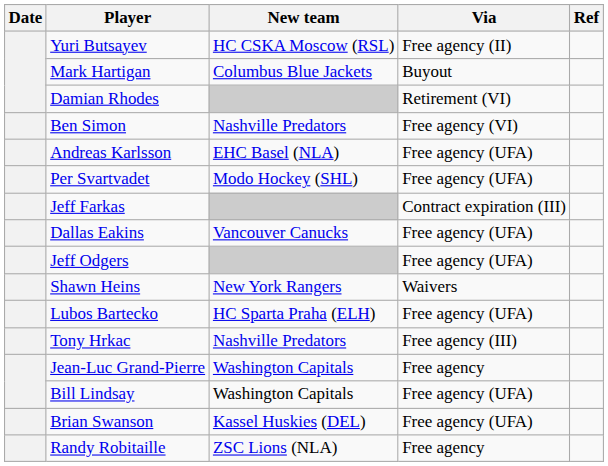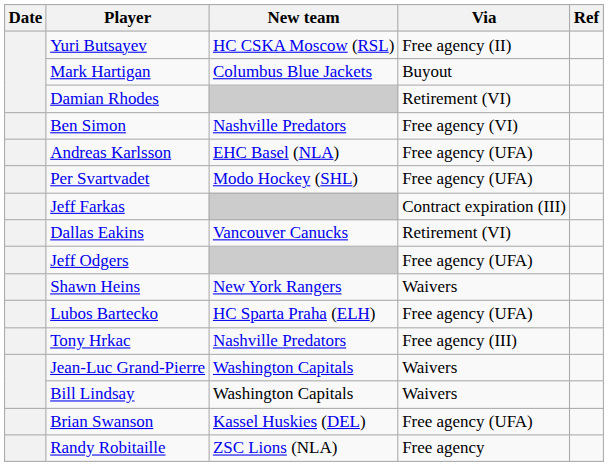 <table class="wikitable plainrowheaders">
 <tr style="background:#ddd; text-align:center;">
 <th>Date</th>
 <th>Player</th>
 <th>New team</th>
 <th>Via</th>
 <th>Ref</th>
 </tr>
 <tr>
 <th scope="row" rowspan=3></th>
 <td><a href='#'>Yuri Butsayev</a></td>
 <td><a href='#'>HC CSKA Moscow</a> (<a href='#'>RSL</a>)</td>
 <td>Free agency (II)</td>
 <td></td>
 </tr>
 <tr>
 <td><a href='#'>Mark Hartigan</a></td>
 <td><a href='#'>Columbus Blue Jackets</a></td>
 <td>Buyout</td>
 <td></td>
 </tr>
 <tr>
 <td><a href='#'>Damian Rhodes</a></td>
 <td style="background:#ccc"></td>
 <td>Retirement (VI)</td>
 <td></td>
 </tr>
 <tr>
 <th scope="row"></th>
 <td><a href='#'>Ben Simon</a></td>
 <td><a href='#'>Nashville Predators</a></td>
 <td>Free agency (VI)</td>
 <td></td>
 </tr>
 <tr>
 <th scope="row"></th>
 <td><a href='#'>Andreas Karlsson</a></td>
 <td><a href='#'>EHC Basel</a> (<a href='#'>NLA</a>)</td>
 <td>Free agency (UFA)</td>
 <td></td>
 </tr>
 <tr>
 <th scope="row"></th>
 <td><a href='#'>Per Svartvadet</a></td>
 <td><a href='#'>Modo Hockey</a> (<a href='#'>SHL</a>)</td>
 <td>Free agency (UFA)</td>
 <td></td>
 </tr>
 <tr>
 <th scope="row"></th>
 <td><a href='#'>Jeff Farkas</a></td>
 <td style="background:#ccc"></td>
 <td>Contract expiration (III)</td>
 <td></td>
 </tr>
 <tr>
 <th scope="row"></th>
 <td><a href='#'>Dallas Eakins</a></td>
 <td><a href='#'>Vancouver Canucks</a></td>
-<td>Free agency (UFA)</td>
+<td>Retirement (VI)</td>
 <td></td>
 </tr>
 <tr>
 <th scope="row"></th>
 <td><a href='#'>Jeff Odgers</a></td>
 <td style="background:#ccc"></td>
 <td>Free agency (UFA)</td>
 <td></td>
 </tr>
 <tr>
 <th scope="row"></th>
 <td><a href='#'>Shawn Heins</a></td>
 <td><a href='#'>New York Rangers</a></td>
 <td>Waivers</td>
 <td></td>
 </tr>
 <tr>
 <th scope="row"></th>
 <td><a href='#'>Lubos Bartecko</a></td>
 <td><a href='#'>HC Sparta Praha</a> (<a href='#'>ELH</a>)</td>
 <td>Free agency (UFA)</td>
 <td></td>
 </tr>
 <tr>
 <th scope="row"></th>
 <td><a href='#'>Tony Hrkac</a></td>
 <td><a href='#'>Nashville Predators</a></td>
 <td>Free agency (III)</td>
 <td></td>
 </tr>
 <tr>
 <th scope="row" rowspan=2></th>
 <td><a href='#'>Jean-Luc Grand-Pierre</a></td>
 <td><a href='#'>Washington Capitals</a></td>
-<td>Free agency</td>
+<td>Waivers</td>
 <td></td>
 </tr>
 <tr>
 <td><a href='#'>Bill Lindsay</a></td>
 <td>Washington Capitals</td>
-<td>Free agency (UFA)</td>
+<td>Waivers</td>
 <td></td>
 </tr>
 <tr>
 <th scope="row"></th>
 <td><a href='#'>Brian Swanson</a></td>
 <td><a href='#'>Kassel Huskies</a> (<a href='#'>DEL</a>)</td>
 <td>Free agency (UFA)</td>
 <td></td>
 </tr>
 <tr>
 <th scope="row"></th>
 <td><a href='#'>Randy Robitaille</a></td>
 <td><a href='#'>ZSC Lions</a> (NLA)</td>
 <td>Free agency</td>
 <td></td>
 </tr>
 </table>
